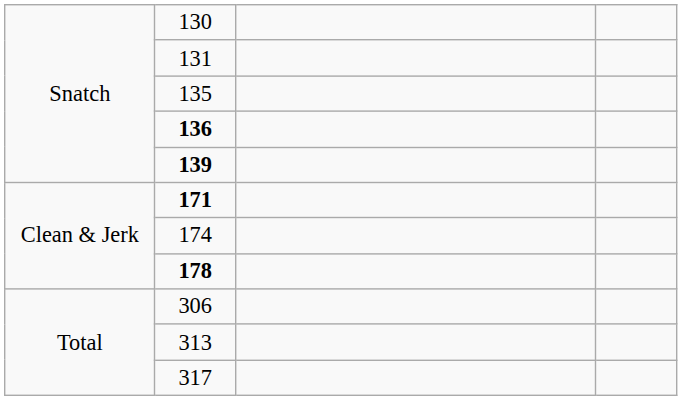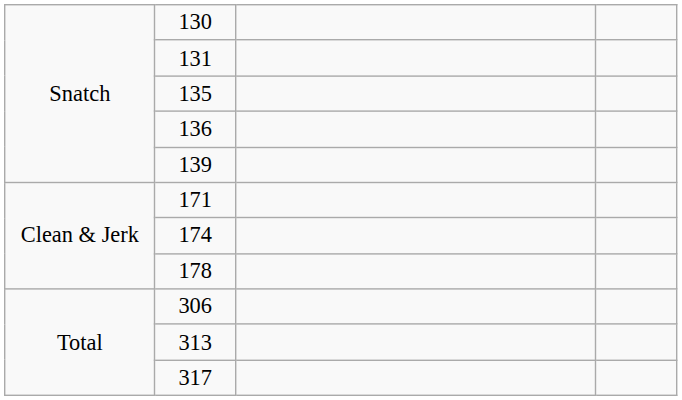 <table class = "wikitable" style="text-align:center;">
 <tr>
 <td rowspan=5 width=100>Snatch</td>
 <td width=50>130</td>
 <td width=250 align=left></td>
 <td width=50></td>
 </tr>
 <tr>
 <td>131</td>
 <td align=left></td>
 <td></td>
 </tr>
 <tr>
 <td>135</td>
 <td align=left></td>
 <td></td>
 </tr>
 <tr>
-<td><strong>136</strong></td>
+<td>136</td>
 <td align=left></td>
 <td></td>
 </tr>
 <tr>
-<td><strong>139</strong></td>
+<td>139</td>
 <td align=left></td>
 <td></td>
 </tr>
 <tr>
 <td rowspan=3>Clean & Jerk</td>
-<td><strong>171</strong></td>
+<td>171</td>
 <td align=left></td>
 <td></td>
 </tr>
 <tr>
 <td>174</td>
 <td align=left></td>
 <td></td>
 </tr>
 <tr>
-<td><strong>178</strong></td>
+<td>178</td>
 <td align=left></td>
 <td></td>
 </tr>
 <tr>
 <td rowspan=3>Total</td>
 <td>306</td>
 <td align=left></td>
 <td></td>
 </tr>
 <tr>
 <td>313</td>
 <td align=left></td>
 <td></td>
 </tr>
 <tr>
 <td>317</td>
 <td align=left></td>
 <td></td>
 </tr>
 </table>
